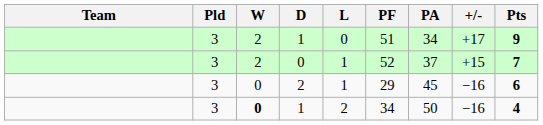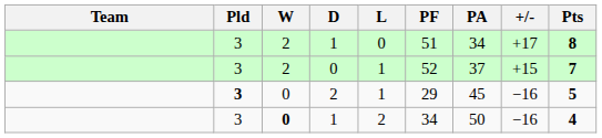 <table class="wikitable" style="text-align: center;">
 <tr>
 <th width="200">Team</th>
 <th width="40">Pld</th>
 <th width="40">W</th>
 <th width="40">D</th>
 <th width="40">L</th>
 <th width="40">PF</th>
 <th width="40">PA</th>
 <th width="40">+/-</th>
 <th width="40">Pts</th>
 </tr>
 <tr bgcolor=ccffcc>
 <td align=left></td>
 <td>3</td>
 <td>2</td>
 <td>1</td>
 <td>0</td>
 <td>51</td>
 <td>34</td>
 <td>+17</td>
-<td><strong>9</strong></td>
+<td><strong>8</strong></td>
 </tr>
 <tr bgcolor=ccffcc>
 <td align=left></td>
 <td>3</td>
 <td>2</td>
 <td>0</td>
 <td>1</td>
 <td>52</td>
 <td>37</td>
 <td>+15</td>
 <td><strong>7</strong></td>
 </tr>
 <tr>
 <td align=left></td>
-<td>3</td>
+<td><strong>3</strong></td>
 <td>0</td>
 <td>2</td>
 <td>1</td>
 <td>29</td>
 <td>45</td>
 <td>−16</td>
-<td><strong>6</strong></td>
+<td><strong>5</strong></td>
 </tr>
 <tr>
 <td align=left></td>
 <td>3</td>
 <td><strong>0</strong></td>
 <td>1</td>
 <td>2</td>
 <td>34</td>
 <td>50</td>
 <td>−16</td>
 <td><strong>4</strong></td>
 </tr>
 </table>
